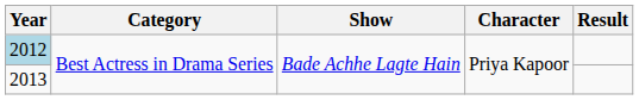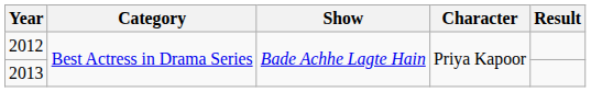 <table class="wikitable sortable">
 <tr>
 <th>Year</th>
 <th>Category</th>
 <th>Show</th>
 <th>Character</th>
 <th>Result</th>
 </tr>
 <tr>
-<td style="background: lightblue;">2012</td>
+<td>2012</td>
 <td rowspan=2><a href='#'>Best Actress in Drama Series</a></td>
 <td rowspan=2><em><a href='#'>Bade Achhe Lagte Hain</a></em></td>
 <td rowspan=2>Priya Kapoor</td>
 <td></td>
 </tr>
 <tr>
 <td>2013</td>
 <td></td>
 </tr>
 </table>
